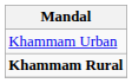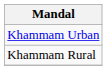 <table class="wikitable sortable static-row-numbers static-row-header-hash">
 <tr>
 <th>Mandal</th>
 </tr>
 <tr>
 <td><a href='#'>Khammam Urban</a></td>
 </tr>
 <tr>
-<td><strong>Khammam Rural</strong></td>
+<td>Khammam Rural</td>
 </tr>
 <tr>
 </tr>
 </table>
